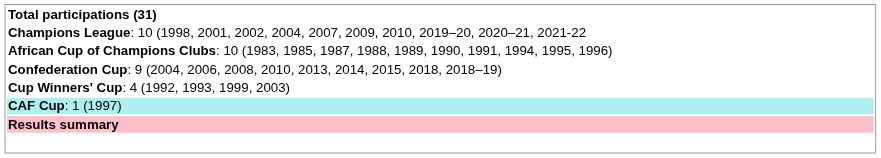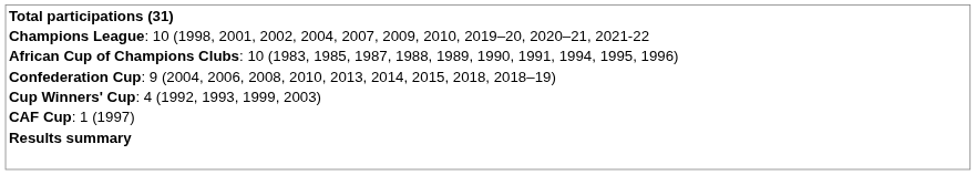 <table width=1050px style="float:right; clear:right; border:1px #888 solid; margin-left:1em;">
 <tr>
 <td> <strong>Total participations (31)</strong></td>
 </tr>
 <tr>
 <td><strong>Champions League</strong>: 10 (1998, 2001, 2002, 2004, 2007, 2009, 2010, 2019–20, 2020–21, 2021-22</td>
 </tr>
 <tr>
 <td><strong>African Cup of Champions Clubs</strong>: 10 (1983, 1985, 1987, 1988, 1989, 1990, 1991, 1994, 1995, 1996)</td>
 </tr>
 <tr>
 <td><strong>Confederation Cup</strong>: 9 (2004, 2006, 2008, 2010, 2013, 2014, 2015, 2018, 2018–19)</td>
 </tr>
 <tr>
 <td><strong>Cup Winners' Cup</strong>: 4 (1992, 1993, 1999, 2003)</td>
 </tr>
 <tr>
-<td style="background: paleturquoise;"><strong>CAF Cup</strong>: 1 (1997)</td>
+<td><strong>CAF Cup</strong>: 1 (1997)</td>
 </tr>
 <tr>
-<td style="background: pink;"> <strong>Results summary</strong></td>
+<td> <strong>Results summary</strong></td>
 </tr>
 <tr>
 <td><br><div>  </div></td>
 </tr>
 </table>
